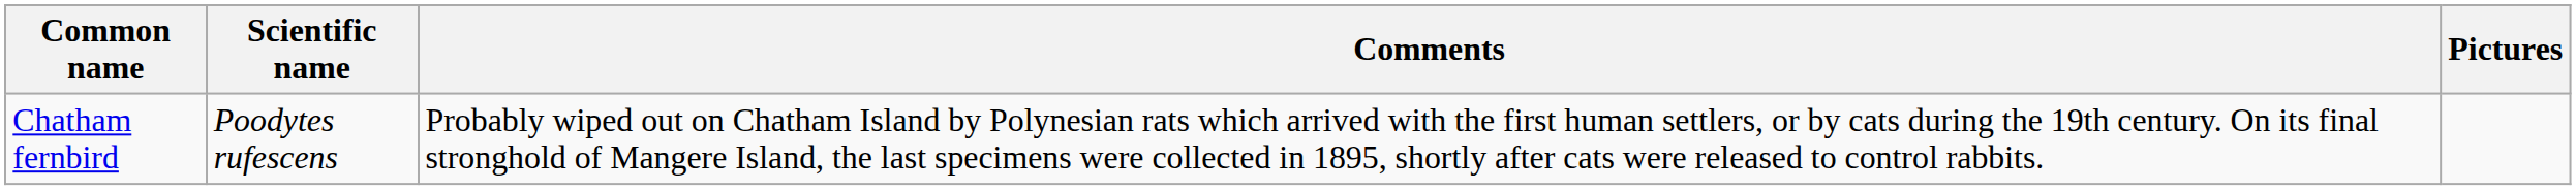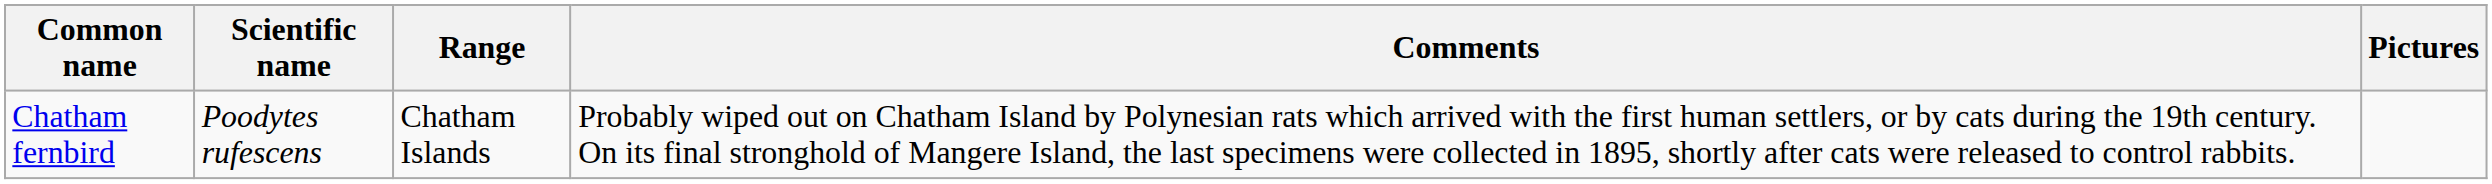 <table class="wikitable">
 <tr>
 <th>Common name</th>
 <th>Scientific name</th>
+<th>Range</th>
 <th class="unsortable">Comments</th>
 <th class="unsortable">Pictures</th>
 </tr>
 <tr>
 <td><a href='#'>Chatham fernbird</a></td>
 <td><em>Poodytes rufescens</em></td>
+<td>Chatham Islands</td>
 <td>Probably wiped out on Chatham Island by Polynesian rats which arrived with the first human settlers, or by cats during the 19th century. On its final stronghold of Mangere Island, the last specimens were collected in 1895, shortly after cats were released to control rabbits.</td>
 <td></td>
 </tr>
 </table>
